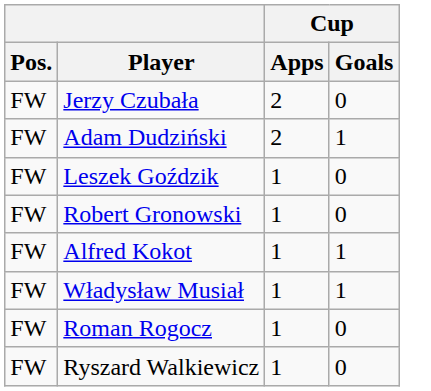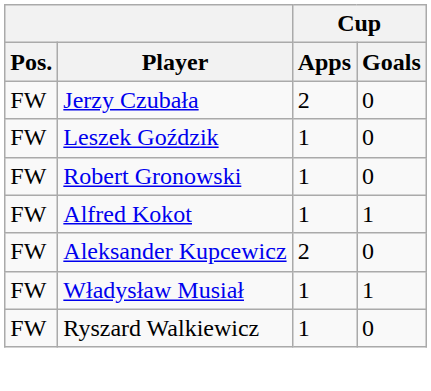 <table class="wikitable" style="display: inline-table;">
 <tr>
 <th colspan="2"></th>
 <th colspan="2">Cup</th>
 </tr>
 <tr>
 <th>Pos.</th>
 <th>Player</th>
 <th>Apps</th>
 <th>Goals</th>
 </tr>
 <tr>
 <td>FW</td>
 <td><a href='#'>Jerzy Czubała</a></td>
 <td>2</td>
 <td>0</td>
-</tr>
-<tr>
-<td>FW</td>
-<td><a href='#'>Adam Dudziński</a></td>
-<td>2</td>
-<td>1</td>
 </tr>
 <tr>
 <td>FW</td>
 <td><a href='#'>Leszek Goździk</a></td>
 <td>1</td>
 <td>0</td>
 </tr>
 <tr>
 <td>FW</td>
 <td><a href='#'>Robert Gronowski</a></td>
 <td>1</td>
 <td>0</td>
 </tr>
 <tr>
 <td>FW</td>
 <td><a href='#'>Alfred Kokot</a></td>
 <td>1</td>
 <td>1</td>
 </tr>
 <tr>
 <td>FW</td>
+<td><a href='#'>Aleksander Kupcewicz</a></td>
+<td>2</td>
+<td>0</td>
+</tr>
+<tr>
+<td>FW</td>
 <td><a href='#'>Władysław Musiał</a></td>
 <td>1</td>
 <td>1</td>
-</tr>
-<tr>
-<td>FW</td>
-<td><a href='#'>Roman Rogocz</a></td>
-<td>1</td>
-<td>0</td>
 </tr>
 <tr>
 <td>FW</td>
 <td>Ryszard Walkiewicz</td>
 <td>1</td>
 <td>0</td>
 </tr>
 </table>
